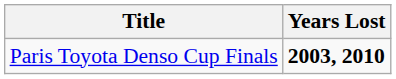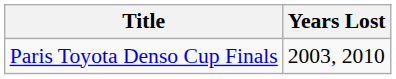 <table class="wikitable">
 <tr>
 <th>Title</th>
 <th>Years Lost</th>
 </tr>
 <tr>
 <td> <a href='#'>Paris Toyota Denso Cup Finals</a></td>
-<td><strong>2003, 2010</strong></td>
+<td>2003, 2010</td>
 </tr>
 </table>
